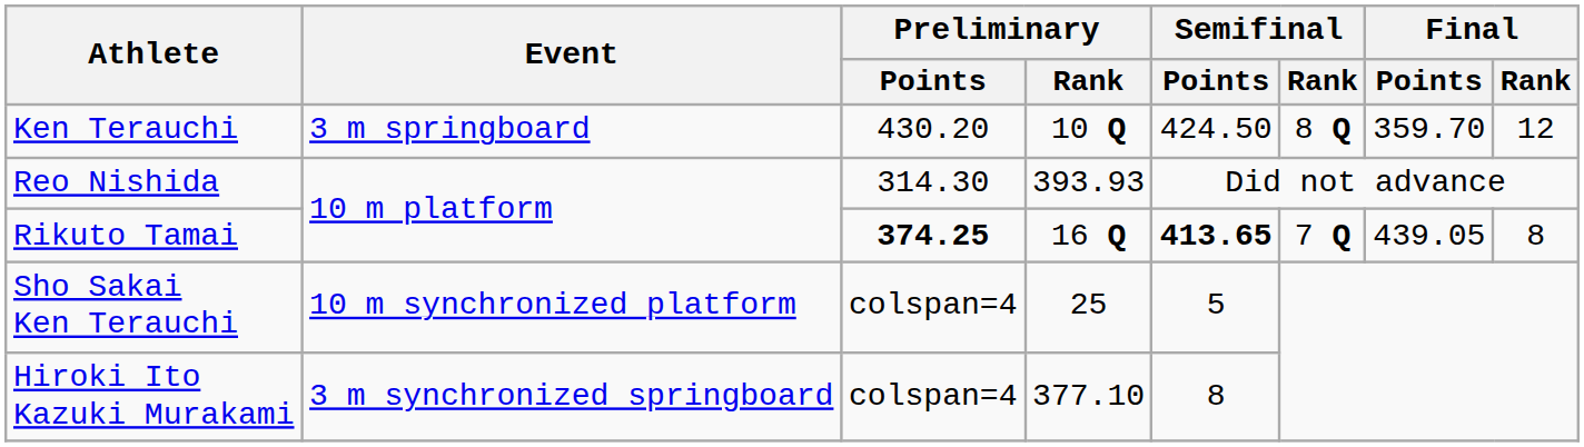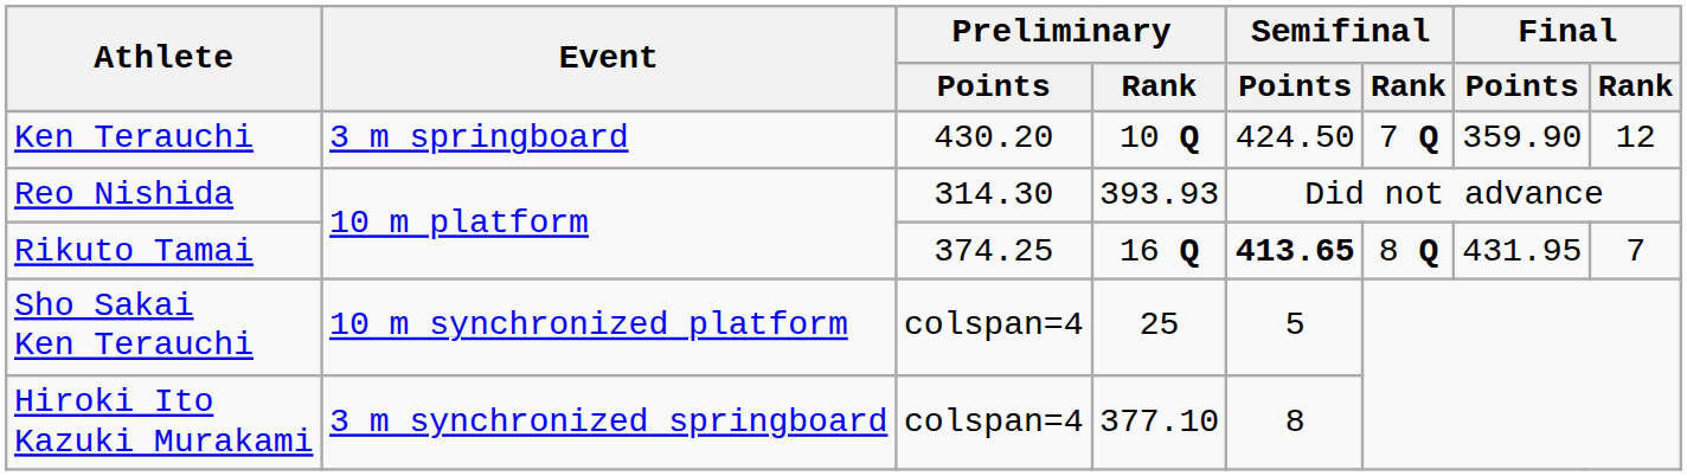 <table class=wikitable style="font-size:90%">
 <tr>
 <th rowspan="2">Athlete</th>
 <th rowspan="2">Event</th>
 <th colspan="2">Preliminary</th>
 <th colspan="2">Semifinal</th>
 <th colspan="2">Final</th>
 </tr>
 <tr style="font-size:95%">
 <th>Points</th>
 <th>Rank</th>
 <th>Points</th>
 <th>Rank</th>
 <th>Points</th>
 <th>Rank</th>
 </tr>
 <tr align=center>
 <td align=left><a href='#'>Ken Terauchi</a></td>
 <td align=left><a href='#'>3 m springboard</a></td>
 <td>430.20</td>
 <td>10 <strong>Q</strong></td>
 <td>424.50</td>
-<td>8 <strong>Q</strong></td>
-<td>359.70</td>
+<td>7 <strong>Q</strong></td>
+<td>359.90</td>
 <td>12</td>
 </tr>
 <tr align=center>
 <td align=left><a href='#'>Reo Nishida</a></td>
 <td rowspan="2" align=left><a href='#'>10 m platform</a></td>
 <td>314.30</td>
 <td>393.93</td>
 <td colspan="4">Did not advance</td>
 </tr>
 <tr align=center>
 <td align=left><a href='#'>Rikuto Tamai</a></td>
-<td><strong>374.25</strong></td>
+<td>374.25</td>
 <td>16 <strong>Q</strong></td>
 <td><strong>413.65</strong></td>
-<td>7 <strong>Q</strong></td>
-<td>439.05</td>
-<td>8</td>
+<td>8 <strong>Q</strong></td>
+<td>431.95</td>
+<td>7</td>
 </tr>
 <tr align=center>
 <td align=left><a href='#'>Sho Sakai</a><br><a href='#'>Ken Terauchi</a></td>
 <td align=left><a href='#'>10 m synchronized platform</a></td>
 <td>colspan=4 </td>
 <td>25</td>
 <td>5</td>
 </tr>
 <tr align=center>
 <td align=left><a href='#'>Hiroki Ito</a><br><a href='#'>Kazuki Murakami</a></td>
 <td align=left><a href='#'>3 m synchronized springboard</a></td>
 <td>colspan=4 </td>
 <td>377.10</td>
 <td>8</td>
 </tr>
 </table>
